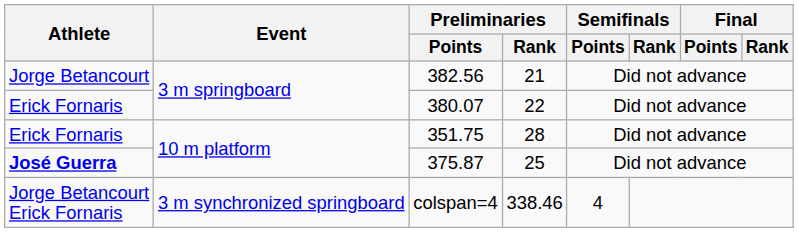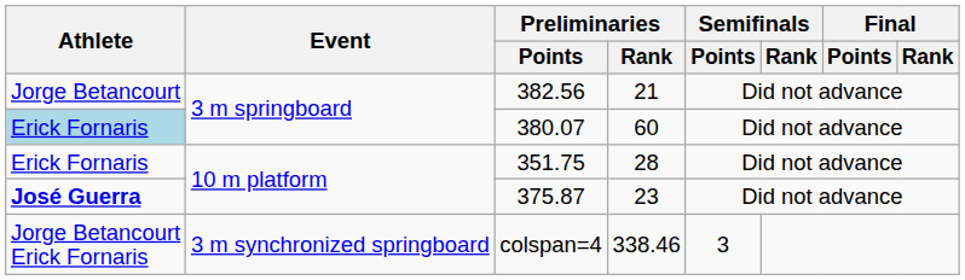 <table class=wikitable style="font-size:90%">
 <tr>
 <th rowspan="2">Athlete</th>
 <th rowspan="2">Event</th>
 <th colspan="2">Preliminaries</th>
 <th colspan="2">Semifinals</th>
 <th colspan="2">Final</th>
 </tr>
 <tr style="font-size:95%">
 <th>Points</th>
 <th>Rank</th>
 <th>Points</th>
 <th>Rank</th>
 <th>Points</th>
 <th>Rank</th>
 </tr>
 <tr align=center>
 <td align=left><a href='#'>Jorge Betancourt</a></td>
 <td align=left rowspan=2><a href='#'>3 m springboard</a></td>
 <td>382.56</td>
 <td>21</td>
 <td colspan=4>Did not advance</td>
 </tr>
 <tr align=center>
-<td align=left><a href='#'>Erick Fornaris</a></td>
+<td align=left style="background: lightblue;"><a href='#'>Erick Fornaris</a></td>
 <td>380.07</td>
-<td>22</td>
+<td>60</td>
 <td colspan=4>Did not advance</td>
 </tr>
 <tr align=center>
 <td align=left><a href='#'>Erick Fornaris</a></td>
 <td align=left rowspan=2><a href='#'>10 m platform</a></td>
 <td>351.75</td>
 <td>28</td>
 <td colspan=4>Did not advance</td>
 </tr>
 <tr align=center>
 <td align=left><strong><a href='#'>José Guerra</a></strong></td>
 <td>375.87</td>
-<td>25</td>
+<td>23</td>
 <td colspan=4>Did not advance</td>
 </tr>
 <tr align=center>
 <td align=left><a href='#'>Jorge Betancourt</a><br><a href='#'>Erick Fornaris</a></td>
 <td align=left><a href='#'>3 m synchronized springboard</a></td>
 <td>colspan=4 </td>
 <td>338.46</td>
-<td>4</td>
+<td>3</td>
 </tr>
 </table>
